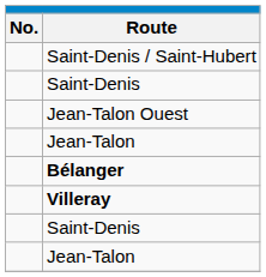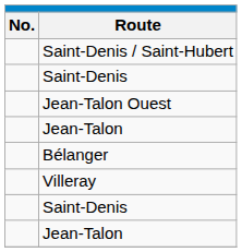 <table align=center class="wikitable">
 <tr>
 <th style="background: #0085CA; font-size:100%; color:#FFFFFF;"colspan="4"><a href='#'></a></th>
 </tr>
 <tr>
 <th>No.</th>
 <th>Route</th>
 </tr>
 <tr>
 <td></td>
 <td>Saint-Denis / Saint-Hubert</td>
 </tr>
 <tr>
 <td></td>
 <td>Saint-Denis</td>
 </tr>
 <tr>
 <td></td>
 <td>Jean-Talon Ouest</td>
 </tr>
 <tr>
 <td></td>
 <td>Jean-Talon</td>
 </tr>
 <tr>
 <td></td>
-<td><strong>Bélanger</strong></td>
+<td>Bélanger</td>
 </tr>
 <tr>
 <td></td>
-<td><strong>Villeray</strong></td>
+<td>Villeray</td>
 </tr>
 <tr>
 <td {{Avoid wrap> </td>
 <td>Saint-Denis</td>
 </tr>
 <tr>
 <td {{Avoid wrap> </td>
 <td>Jean-Talon</td>
 </tr>
 <tr>
 </tr>
 </table>
